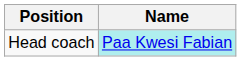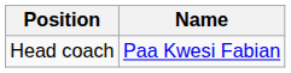 <table class="wikitable">
 <tr>
 <th>Position</th>
 <th>Name</th>
 </tr>
 <tr>
 <td>Head coach</td>
-<td align="left" style="background: paleturquoise;"> <a href='#'>Paa Kwesi Fabian</a></td>
+<td align="left"> <a href='#'>Paa Kwesi Fabian</a></td>
 </tr>
 </table>
